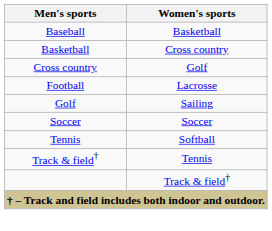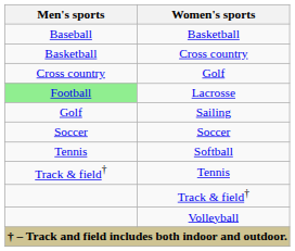 <table class="wikitable" style="text-align:center;">
 <tr>
 <th style="text-align:center;">Men's sports</th>
 <th style="text-align:center;">Women's sports</th>
 </tr>
 <tr>
 <td><a href='#'>Baseball</a></td>
 <td><a href='#'>Basketball</a></td>
 </tr>
 <tr>
 <td><a href='#'>Basketball</a></td>
 <td><a href='#'>Cross country</a></td>
 </tr>
 <tr>
 <td><a href='#'>Cross country</a></td>
 <td><a href='#'>Golf</a></td>
 </tr>
 <tr>
-<td><a href='#'>Football</a></td>
+<td style="background: lightgreen;"><a href='#'>Football</a></td>
 <td><a href='#'>Lacrosse</a></td>
 </tr>
 <tr>
 <td><a href='#'>Golf</a></td>
 <td><a href='#'>Sailing</a></td>
 </tr>
 <tr>
 <td><a href='#'>Soccer</a></td>
 <td><a href='#'>Soccer</a></td>
 </tr>
 <tr>
 <td><a href='#'>Tennis</a></td>
 <td><a href='#'>Softball</a></td>
 </tr>
 <tr>
 <td><a href='#'>Track & field</a><sup>†</sup></td>
 <td><a href='#'>Tennis</a></td>
 </tr>
 <tr>
 <td></td>
 <td><a href='#'>Track & field</a><sup>†</sup></td>
 </tr>
 <tr>
+<td></td>
+<td><a href='#'>Volleyball</a></td>
+</tr>
+<tr>
 <td colspan="2" bgcolor="#cfc493"><span> <strong>† – Track and field includes both indoor and outdoor.</strong></span></td>
 </tr>
 </table>
